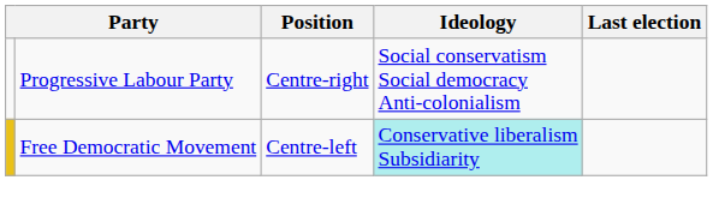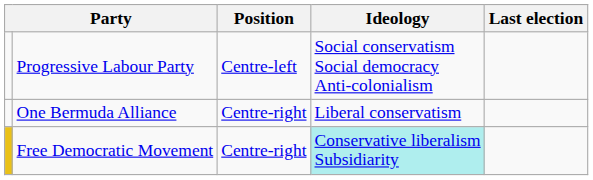 <table class="wikitable sortable">
 <tr>
 <th colspan="2">Party</th>
 <th>Position</th>
 <th>Ideology</th>
 <th>Last election</th>
 </tr>
 <tr>
 <td></td>
 <td><a href='#'>Progressive Labour Party</a></td>
+<td><a href='#'>Centre-left</a></td>
+<td><a href='#'>Social conservatism</a><br><a href='#'>Social democracy</a><br><a href='#'>Anti-colonialism</a></td>
+<td></td>
+</tr>
+<tr>
+<td></td>
+<td><a href='#'>One Bermuda Alliance</a></td>
 <td><a href='#'>Centre-right</a></td>
-<td><a href='#'>Social conservatism</a><br><a href='#'>Social democracy</a><br><a href='#'>Anti-colonialism</a></td>
+<td><a href='#'>Liberal conservatism</a></td>
 <td></td>
 </tr>
 <tr>
 <td bgcolor="#EAC117"></td>
 <td><a href='#'>Free Democratic Movement</a></td>
-<td><a href='#'>Centre-left</a></td>
+<td><a href='#'>Centre-right</a></td>
 <td style="background: paleturquoise;"><a href='#'>Conservative liberalism</a><br><a href='#'>Subsidiarity</a></td>
 <td></td>
 </tr>
 </table>
